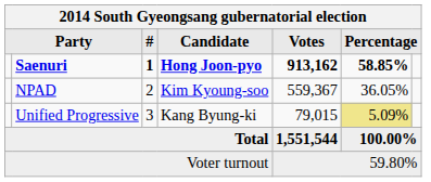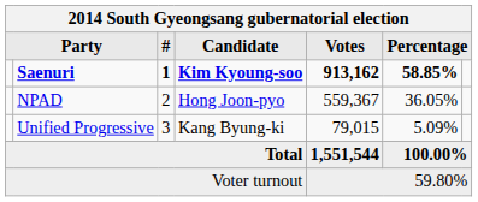 <table class="wikitable">
 <tr>
 <th colspan="7">2014 South Gyeongsang gubernatorial election</th>
 </tr>
 <tr>
 <th style="background-color:#E9E9E9" colspan=2>Party</th>
 <th style="background-color:#E9E9E9">#</th>
 <th style="background-color:#E9E9E9">Candidate</th>
 <th style="background-color:#E9E9E9">Votes</th>
 <th style="background-color:#E9E9E9" colspan=2>Percentage</th>
 </tr>
 <tr style="font-weight:bold">
 <td></td>
 <td align=left><a href='#'>Saenuri</a></td>
 <td align=center>1</td>
-<td align=left><a href='#'>Hong Joon-pyo</a></td>
+<td align=left><a href='#'>Kim Kyoung-soo</a></td>
 <td align=right>913,162</td>
 <td align=right>58.85%</td>
 <td align=right></td>
 </tr>
 <tr>
 <td></td>
 <td align=left><a href='#'>NPAD</a></td>
 <td align=center>2</td>
-<td align=left><a href='#'>Kim Kyoung-soo</a></td>
+<td align=left><a href='#'>Hong Joon-pyo</a></td>
 <td align=right>559,367</td>
 <td align=right>36.05%</td>
 <td align=right></td>
 </tr>
 <tr>
 <td></td>
 <td align=left><a href='#'>Unified Progressive</a></td>
 <td align=center>3</td>
 <td align=left>Kang Byung-ki</td>
 <td align=right>79,015</td>
-<td align=right style="background: khaki;">5.09%</td>
+<td align=right>5.09%</td>
 <td align=right></td>
 </tr>
 <tr bgcolor="#EEEEEE" style="font-weight:bold">
 <td colspan="4" align=right>Total</td>
 <td align=right>1,551,544</td>
 <td align=right colspan=2>100.00%</td>
 </tr>
 <tr bgcolor="#EEEEEE">
 <td colspan="4" align="right">Voter turnout</td>
 <td colspan="3" align="right">59.80%</td>
 </tr>
 </table>
